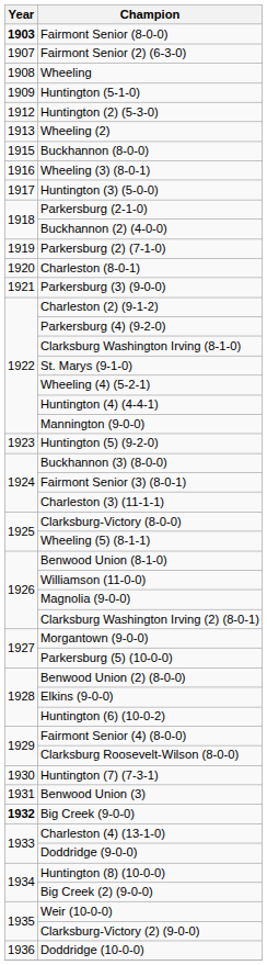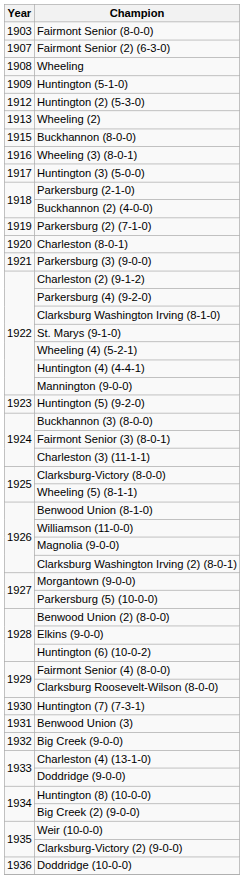 <table class="wikitable">
 <tr>
 <th>Year</th>
 <th>Champion</th>
 </tr>
 <tr>
-<td><strong>1903</strong></td>
+<td>1903</td>
 <td>Fairmont Senior (8-0-0)</td>
 </tr>
 <tr>
 <td>1907</td>
 <td>Fairmont Senior (2) (6-3-0)</td>
 </tr>
 <tr>
 <td>1908</td>
 <td>Wheeling</td>
 </tr>
 <tr>
 <td>1909</td>
 <td>Huntington (5-1-0)</td>
 </tr>
 <tr>
 <td>1912</td>
 <td>Huntington (2) (5-3-0)</td>
 </tr>
 <tr>
 <td>1913</td>
 <td>Wheeling (2)</td>
 </tr>
 <tr>
 <td>1915</td>
 <td>Buckhannon (8-0-0)</td>
 </tr>
 <tr>
 <td>1916</td>
 <td>Wheeling (3) (8-0-1)</td>
 </tr>
 <tr>
 <td>1917</td>
 <td>Huntington (3) (5-0-0)</td>
 </tr>
 <tr>
 <td rowspan=2 align=center>1918</td>
 <td>Parkersburg (2-1-0)</td>
 </tr>
 <tr>
 <td>Buckhannon (2) (4-0-0)</td>
 </tr>
 <tr>
 <td>1919</td>
 <td>Parkersburg (2) (7-1-0)</td>
 </tr>
 <tr>
 <td>1920</td>
 <td>Charleston (8-0-1)</td>
 </tr>
 <tr>
 <td>1921</td>
 <td>Parkersburg (3) (9-0-0)</td>
 </tr>
 <tr>
 <td rowspan=7 align=center>1922</td>
 <td>Charleston (2) (9-1-2)</td>
 </tr>
 <tr>
 <td>Parkersburg (4) (9-2-0)</td>
 </tr>
 <tr>
 <td>Clarksburg Washington Irving (8-1-0)</td>
 </tr>
 <tr>
 <td>St. Marys (9-1-0)</td>
 </tr>
 <tr>
 <td>Wheeling (4) (5-2-1)</td>
 </tr>
 <tr>
 <td>Huntington (4) (4-4-1)</td>
 </tr>
 <tr>
 <td>Mannington (9-0-0)</td>
 </tr>
 <tr>
 <td>1923</td>
 <td>Huntington (5) (9-2-0)</td>
 </tr>
 <tr>
 <td rowspan=3 align=center>1924</td>
 <td>Buckhannon (3) (8-0-0)</td>
 </tr>
 <tr>
 <td>Fairmont Senior (3) (8-0-1)</td>
 </tr>
 <tr>
 <td>Charleston (3) (11-1-1)</td>
 </tr>
 <tr>
 <td rowspan=2 align=center>1925</td>
 <td>Clarksburg-Victory (8-0-0)</td>
 </tr>
 <tr>
 <td>Wheeling (5) (8-1-1)</td>
 </tr>
 <tr>
 <td rowspan=4 align=center>1926</td>
 <td>Benwood Union (8-1-0)</td>
 </tr>
 <tr>
 <td>Williamson (11-0-0)</td>
 </tr>
 <tr>
 <td>Magnolia (9-0-0)</td>
 </tr>
 <tr>
 <td>Clarksburg Washington Irving (2) (8-0-1)</td>
 </tr>
 <tr>
 <td rowspan=2 align=center>1927</td>
 <td>Morgantown (9-0-0)</td>
 </tr>
 <tr>
 <td>Parkersburg (5) (10-0-0)</td>
 </tr>
 <tr>
 <td rowspan=3 align=center>1928</td>
 <td>Benwood Union (2) (8-0-0)</td>
 </tr>
 <tr>
 <td>Elkins (9-0-0)</td>
 </tr>
 <tr>
 <td>Huntington (6) (10-0-2)</td>
 </tr>
 <tr>
 <td rowspan=2 align=center>1929</td>
 <td>Fairmont Senior (4) (8-0-0)</td>
 </tr>
 <tr>
 <td>Clarksburg Roosevelt-Wilson (8-0-0)</td>
 </tr>
 <tr>
 <td>1930</td>
 <td>Huntington (7) (7-3-1)</td>
 </tr>
 <tr>
 <td>1931</td>
 <td>Benwood Union (3)</td>
 </tr>
 <tr>
-<td><strong>1932</strong></td>
+<td>1932</td>
 <td>Big Creek (9-0-0)</td>
 </tr>
 <tr>
 <td rowspan=2 align=center>1933</td>
 <td>Charleston (4) (13-1-0)</td>
 </tr>
 <tr>
 <td>Doddridge (9-0-0)</td>
 </tr>
 <tr>
 <td rowspan=2 align=center>1934</td>
 <td>Huntington (8) (10-0-0)</td>
 </tr>
 <tr>
 <td>Big Creek (2) (9-0-0)</td>
 </tr>
 <tr>
 <td rowspan=2 align=center>1935</td>
 <td>Weir (10-0-0)</td>
 </tr>
 <tr>
 <td>Clarksburg-Victory (2) (9-0-0)</td>
 </tr>
 <tr>
 <td>1936</td>
 <td>Doddridge (10-0-0)</td>
 </tr>
 <tr>
 </tr>
 </table>
